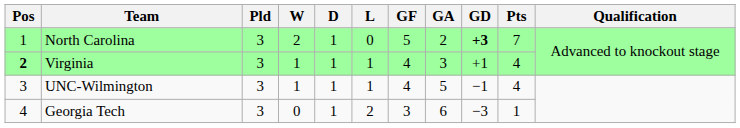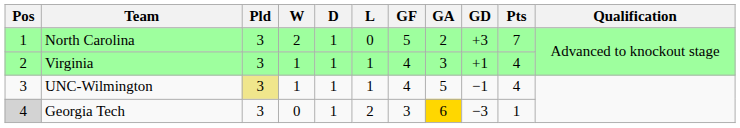 <table class="wikitable" style="text-align:center; margin: 1em auto">
 <tr>
 <th style="width:2em">Pos</th>
 <th style="width:13em">Team</th>
 <th style="width:2em">Pld</th>
 <th style="width:2em">W</th>
 <th style="width:2em">D</th>
 <th style="width:2em">L</th>
 <th style="width:2em">GF</th>
 <th style="width:2em">GA</th>
 <th style="width:2em">GD</th>
 <th style="width:2em">Pts</th>
 <th style="width:13em">Qualification</th>
 </tr>
 <tr bgcolor="#9eff9e">
 <td>1</td>
 <td style="text-align:left">North Carolina</td>
 <td>3</td>
 <td>2</td>
 <td>1</td>
 <td>0</td>
 <td>5</td>
 <td>2</td>
-<td><strong>+3</strong></td>
+<td>+3</td>
 <td>7</td>
 <td rowspan="2">Advanced to knockout stage</td>
 </tr>
 <tr bgcolor="#9eff9e">
-<td><strong>2</strong></td>
+<td>2</td>
 <td style="text-align:left">Virginia</td>
 <td>3</td>
 <td>1</td>
 <td>1</td>
 <td>1</td>
 <td>4</td>
 <td>3</td>
 <td>+1</td>
 <td>4</td>
 </tr>
 <tr>
 <td>3</td>
 <td style="text-align:left">UNC-Wilmington</td>
-<td>3</td>
+<td style="background: khaki;">3</td>
 <td>1</td>
 <td>1</td>
 <td>1</td>
 <td>4</td>
 <td>5</td>
 <td>−1</td>
 <td>4</td>
 <td rowspan="2"></td>
 </tr>
 <tr>
-<td>4</td>
+<td style="background: lightgrey;">4</td>
 <td style="text-align:left">Georgia Tech</td>
 <td>3</td>
 <td>0</td>
 <td>1</td>
 <td>2</td>
 <td>3</td>
-<td>6</td>
+<td style="background: gold;">6</td>
 <td>−3</td>
 <td>1</td>
 </tr>
 </table>
